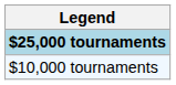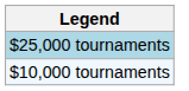 <table class="wikitable" style="font-size:85%;">
 <tr>
 <th>Legend</th>
 </tr>
 <tr style="background:lightblue;">
-<td><strong>$25,000 tournaments</strong></td>
+<td>$25,000 tournaments</td>
 </tr>
 <tr style="background:#f0f8ff;">
 <td>$10,000 tournaments</td>
 </tr>
 </table>
